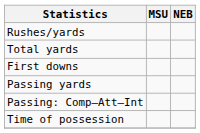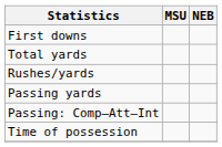 <table class="wikitable" style="float: left;">
 <tr>
 <th>Statistics</th>
 <th>MSU</th>
 <th>NEB</th>
 </tr>
 <tr>
-<td>Rushes/yards</td>
+<td>First downs</td>
 <td></td>
 <td></td>
 </tr>
 <tr>
 <td>Total yards</td>
 <td></td>
 <td></td>
 </tr>
 <tr>
-<td>First downs</td>
+<td>Rushes/yards</td>
 <td></td>
 <td></td>
 </tr>
 <tr>
 <td>Passing yards</td>
 <td></td>
 <td></td>
 </tr>
 <tr>
 <td>Passing: Comp–Att–Int</td>
 <td></td>
 <td></td>
 </tr>
 <tr>
 <td>Time of possession</td>
 <td></td>
 <td></td>
 </tr>
 <tr>
 </tr>
 </table>
